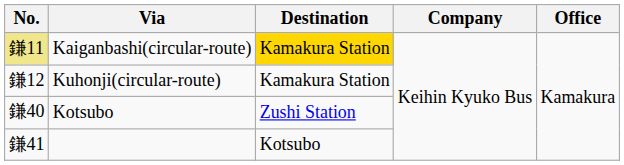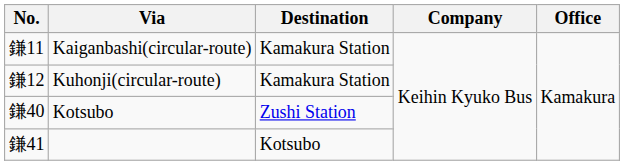 <table class="wikitable">
 <tr>
 <th>No.</th>
 <th>Via</th>
 <th>Destination</th>
 <th>Company</th>
 <th>Office</th>
 </tr>
 <tr>
-<td style="background: khaki;">鎌11</td>
+<td>鎌11</td>
 <td>Kaiganbashi(circular-route)</td>
-<td style="background: gold;">Kamakura Station</td>
+<td>Kamakura Station</td>
 <td rowspan="4">Keihin Kyuko Bus</td>
 <td rowspan="4">Kamakura</td>
 </tr>
 <tr>
 <td>鎌12</td>
 <td>Kuhonji(circular-route)</td>
 <td>Kamakura Station</td>
 </tr>
 <tr>
 <td>鎌40</td>
 <td>Kotsubo</td>
 <td><a href='#'>Zushi Station</a></td>
 </tr>
 <tr>
 <td>鎌41</td>
 <td></td>
 <td>Kotsubo</td>
 </tr>
 </table>
